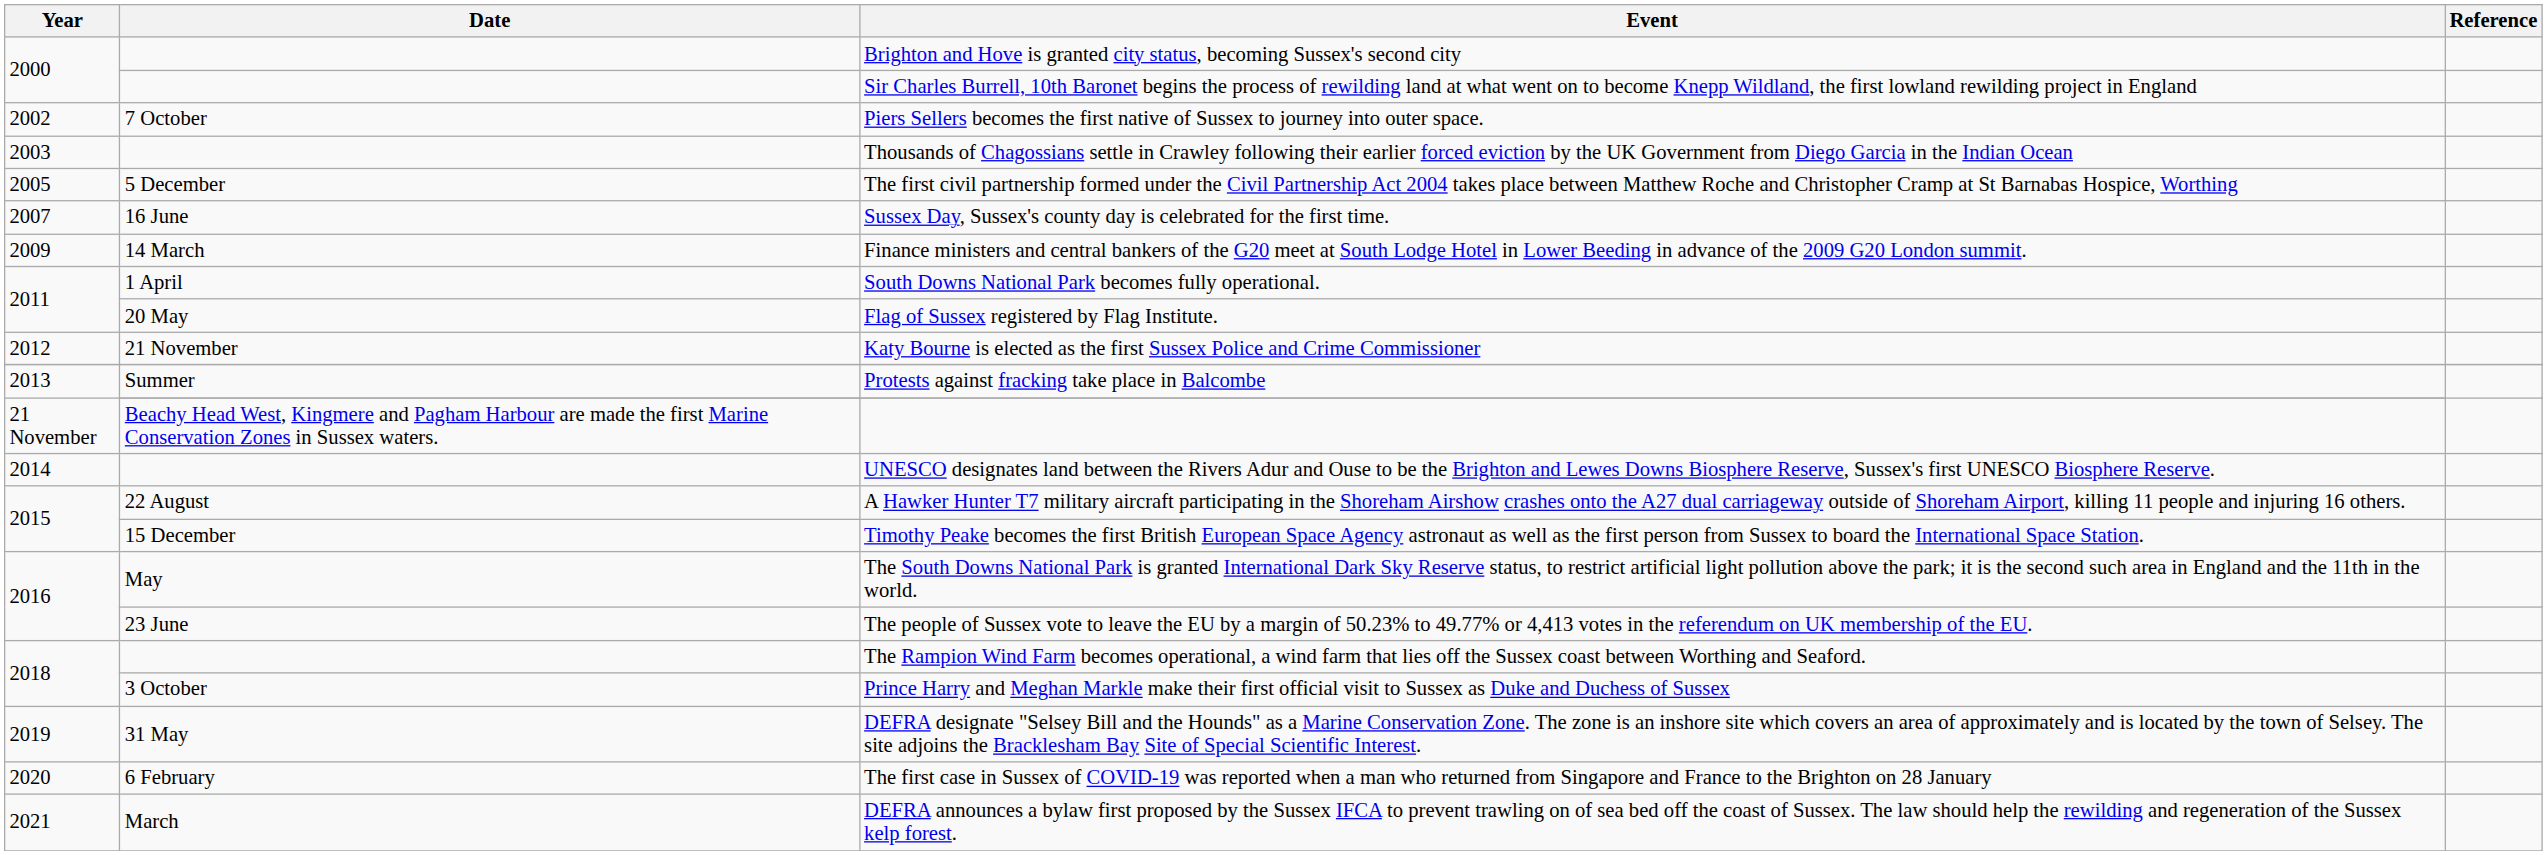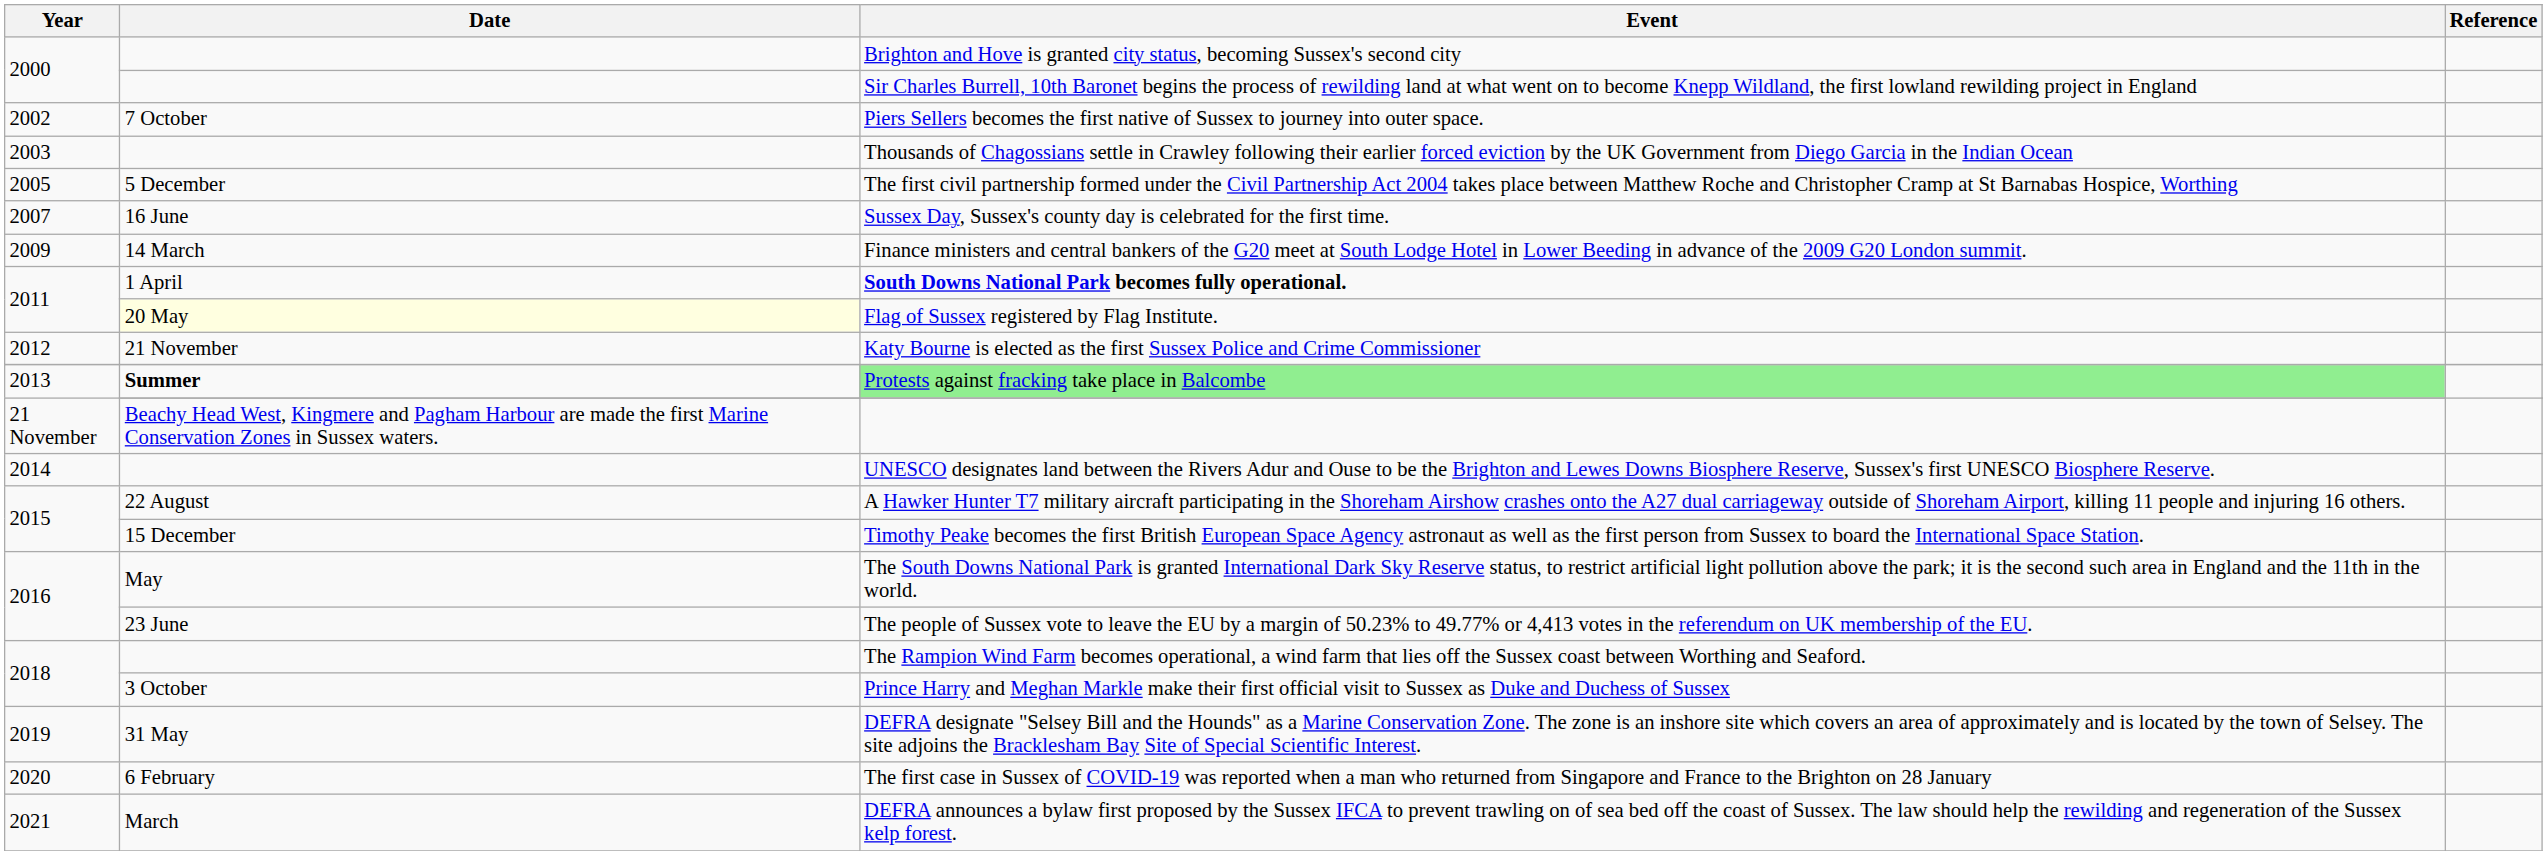 <table class="wikitable">
 <tr>
 <th TITTY>Year</th>
 <th TITTY>Date</th>
 <th>Event</th>
 <th>Reference</th>
 </tr>
 <tr>
 <td rowspan=2>2000</td>
 <td -></td>
 <td><a href='#'>Brighton and Hove</a> is granted <a href='#'>city status</a>, becoming Sussex's second city</td>
 <td></td>
 </tr>
 <tr>
 <td></td>
 <td><a href='#'>Sir Charles Burrell, 10th Baronet</a> begins the process of <a href='#'>rewilding</a> land at what went on to become <a href='#'>Knepp Wildland</a>, the first lowland rewilding project in England</td>
 <td></td>
 </tr>
 <tr>
 <td>2002</td>
 <td>7 October</td>
 <td><a href='#'>Piers Sellers</a> becomes the first native of Sussex to journey into outer space.</td>
 <td></td>
 </tr>
 <tr>
 <td>2003</td>
 <td></td>
 <td>Thousands of <a href='#'>Chagossians</a> settle in Crawley following their earlier <a href='#'>forced eviction</a> by the UK Government from <a href='#'>Diego Garcia</a> in the <a href='#'>Indian Ocean</a></td>
 <td></td>
 </tr>
 <tr>
 <td>2005</td>
 <td>5 December</td>
 <td>The first civil partnership formed under the <a href='#'>Civil Partnership Act 2004</a> takes place between Matthew Roche and Christopher Cramp at St Barnabas Hospice, <a href='#'>Worthing</a></td>
 <td></td>
 </tr>
 <tr>
 <td>2007</td>
 <td>16 June</td>
 <td><a href='#'>Sussex Day</a>, Sussex's county day is celebrated for the first time.</td>
 <td></td>
 </tr>
 <tr>
 <td>2009</td>
 <td>14 March</td>
 <td>Finance ministers and central bankers of the <a href='#'>G20</a> meet at <a href='#'>South Lodge Hotel</a> in <a href='#'>Lower Beeding</a> in advance of the <a href='#'>2009 G20 London summit</a>.</td>
 <td></td>
 </tr>
 <tr>
 <td rowspan=2>2011</td>
 <td>1 April</td>
-<td><a href='#'>South Downs National Park</a> becomes fully operational.</td>
+<td><strong><a href='#'>South Downs National Park</a> becomes fully operational.</strong></td>
 <td></td>
 </tr>
 <tr>
-<td>20 May</td>
+<td style="background: lightyellow;">20 May</td>
 <td><a href='#'>Flag of Sussex</a> registered by Flag Institute.</td>
 <td></td>
 </tr>
 <tr>
 <td>2012</td>
 <td>21 November</td>
 <td><a href='#'>Katy Bourne</a> is elected as the first <a href='#'>Sussex Police and Crime Commissioner</a></td>
 <td></td>
 </tr>
 <tr>
 </tr>
 <tr>
 <td rowspan=2>2013</td>
-<td>Summer</td>
-<td><a href='#'>Protests</a> against <a href='#'>fracking</a> take place in <a href='#'>Balcombe</a></td>
+<td><strong>Summer</strong></td>
+<td style="background: lightgreen;"><a href='#'>Protests</a> against <a href='#'>fracking</a> take place in <a href='#'>Balcombe</a></td>
 <td></td>
 </tr>
 <tr>
 </tr>
 <tr>
 <td>21 November</td>
 <td><a href='#'>Beachy Head West</a>, <a href='#'>Kingmere</a> and <a href='#'>Pagham Harbour</a> are made the first <a href='#'>Marine Conservation Zones</a> in Sussex waters.</td>
 <td></td>
 </tr>
 <tr>
 <td>2014</td>
 <td></td>
 <td><a href='#'>UNESCO</a> designates land between the Rivers Adur and Ouse to be the <a href='#'>Brighton and Lewes Downs Biosphere Reserve</a>, Sussex's first UNESCO <a href='#'>Biosphere Reserve</a>.</td>
 <td></td>
 </tr>
 <tr>
 <td rowspan=2>2015</td>
 <td>22 August</td>
 <td>A <a href='#'>Hawker Hunter T7</a> military aircraft participating in the <a href='#'>Shoreham Airshow</a> <a href='#'>crashes onto the A27 dual carriageway</a> outside of <a href='#'>Shoreham Airport</a>, killing 11 people and injuring 16 others.</td>
 <td></td>
 </tr>
 <tr>
 <td>15 December</td>
 <td><a href='#'>Timothy Peake</a> becomes the first British <a href='#'>European Space Agency</a> astronaut as well as the first person from Sussex to board the <a href='#'>International Space Station</a>.</td>
 <td></td>
 </tr>
 <tr>
 <td rowspan=2>2016</td>
 <td>May</td>
 <td>The <a href='#'>South Downs National Park</a> is granted <a href='#'>International Dark Sky Reserve</a> status, to restrict artificial light pollution above the park; it is the second such area in England and the 11th in the world.</td>
 <td></td>
 </tr>
 <tr>
 <td>23 June</td>
 <td>The people of Sussex vote to leave the EU by a margin of 50.23% to 49.77% or 4,413 votes in the <a href='#'>referendum on UK membership of the EU</a>.</td>
 <td></td>
 </tr>
 <tr>
 <td rowspan=2>2018</td>
 <td></td>
 <td>The <a href='#'>Rampion Wind Farm</a> becomes operational, a wind farm that lies off the Sussex coast between Worthing and Seaford.</td>
 <td></td>
 </tr>
 <tr>
 <td>3 October</td>
 <td><a href='#'>Prince Harry</a> and <a href='#'>Meghan Markle</a> make their first official visit to Sussex as <a href='#'>Duke and Duchess of Sussex</a></td>
 <td></td>
 </tr>
 <tr>
 <td>2019</td>
 <td>31 May</td>
 <td><a href='#'>DEFRA</a> designate "Selsey Bill and the Hounds" as a <a href='#'>Marine Conservation Zone</a>. The zone is an  inshore site which covers an area of approximately   and is located by the town of Selsey. The site adjoins the <a href='#'>Bracklesham Bay</a> <a href='#'>Site of Special Scientific Interest</a>.</td>
 <td></td>
 </tr>
 <tr>
 <td>2020</td>
 <td>6 February</td>
 <td>The first case in Sussex of <a href='#'>COVID-19</a> was reported when a man who returned from Singapore and France to the Brighton on 28 January</td>
 <td></td>
 </tr>
 <tr>
 <td>2021</td>
 <td>March</td>
 <td><a href='#'>DEFRA</a> announces a bylaw first proposed by the Sussex <a href='#'>IFCA</a> to prevent trawling on  of sea bed off the coast of Sussex. The law should help the <a href='#'>rewilding</a> and regeneration of the Sussex <a href='#'>kelp forest</a>.</td>
 <td></td>
 </tr>
 </table>
